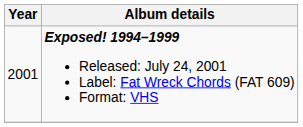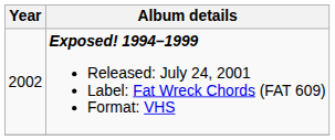 <table class ="wikitable">
 <tr>
 <th>Year</th>
 <th>Album details</th>
 </tr>
 <tr>
-<td>2001</td>
+<td>2002</td>
 <td><strong><em>Exposed! 1994–1999</em></strong><br><ul><li>Released: July 24, 2001</li><li>Label: <a href='#'>Fat Wreck Chords</a> (FAT 609)</li><li>Format: <a href='#'>VHS</a></li></ul></td>
 </tr>
 <tr>
 </tr>
 </table>
